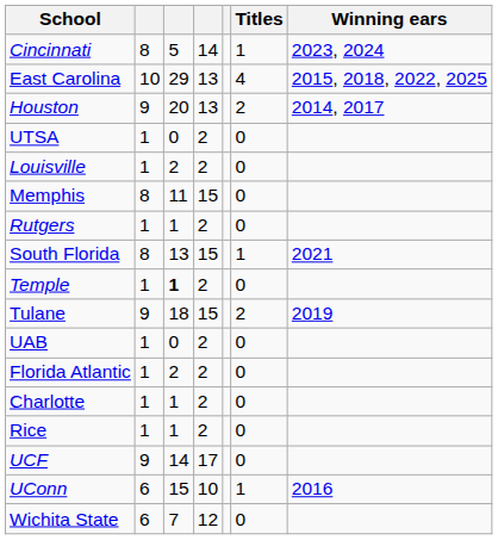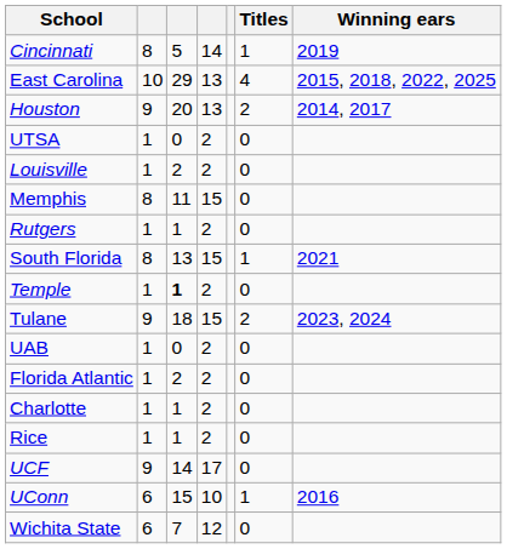 <table class="wikitable sortable">
 <tr>
 <th width=px>School</th>
 <th width=px></th>
 <th width=px></th>
 <th width=px></th>
 <th width=px></th>
 <th width=px>Titles</th>
 <th width=px>Winning ears</th>
 </tr>
 <tr>
 <td><em><a href='#'>Cincinnati</a></em></td>
 <td>8</td>
 <td>5</td>
 <td>14</td>
 <td></td>
 <td>1</td>
-<td><a href='#'>2023</a>, <a href='#'>2024</a></td>
+<td><a href='#'>2019</a></td>
 </tr>
 <tr>
 <td><a href='#'>East Carolina</a></td>
 <td>10</td>
 <td>29</td>
 <td>13</td>
 <td></td>
 <td>4</td>
 <td><a href='#'>2015</a>, <a href='#'>2018</a>, <a href='#'>2022</a>, <a href='#'>2025</a></td>
 </tr>
 <tr>
 <td><em><a href='#'>Houston</a></em></td>
 <td>9</td>
 <td>20</td>
 <td>13</td>
 <td></td>
 <td>2</td>
 <td><a href='#'>2014</a>, <a href='#'>2017</a></td>
 </tr>
 <tr>
 <td><a href='#'>UTSA</a></td>
 <td>1</td>
 <td>0</td>
 <td>2</td>
 <td></td>
 <td>0</td>
 <td></td>
 </tr>
 <tr>
 <td><em><a href='#'>Louisville</a></em></td>
 <td>1</td>
 <td>2</td>
 <td>2</td>
 <td></td>
 <td>0</td>
 <td></td>
 </tr>
 <tr>
 <td><a href='#'>Memphis</a></td>
 <td>8</td>
 <td>11</td>
 <td>15</td>
 <td></td>
 <td>0</td>
 <td></td>
 </tr>
 <tr>
 <td><em><a href='#'>Rutgers</a></em></td>
 <td>1</td>
 <td>1</td>
 <td>2</td>
 <td></td>
 <td>0</td>
 <td></td>
 </tr>
 <tr>
 <td><a href='#'>South Florida</a></td>
 <td>8</td>
 <td>13</td>
 <td>15</td>
 <td></td>
 <td>1</td>
 <td><a href='#'>2021</a></td>
 </tr>
 <tr>
 <td><em><a href='#'>Temple</a></em></td>
 <td>1</td>
 <td><strong>1</strong></td>
 <td>2</td>
 <td></td>
 <td>0</td>
 <td></td>
 </tr>
 <tr>
 <td><a href='#'>Tulane</a></td>
 <td>9</td>
 <td>18</td>
 <td>15</td>
 <td></td>
 <td>2</td>
-<td><a href='#'>2019</a></td>
+<td><a href='#'>2023</a>, <a href='#'>2024</a></td>
 </tr>
 <tr>
 <td><a href='#'>UAB</a></td>
 <td>1</td>
 <td>0</td>
 <td>2</td>
 <td></td>
 <td>0</td>
 <td></td>
 </tr>
 <tr>
 <td><a href='#'>Florida Atlantic</a></td>
 <td>1</td>
 <td>2</td>
 <td>2</td>
 <td></td>
 <td>0</td>
 <td></td>
 </tr>
 <tr>
 <td><a href='#'>Charlotte</a></td>
 <td>1</td>
 <td>1</td>
 <td>2</td>
 <td></td>
 <td>0</td>
 <td></td>
 </tr>
 <tr>
 <td><a href='#'>Rice</a></td>
 <td>1</td>
 <td>1</td>
 <td>2</td>
 <td></td>
 <td>0</td>
 <td></td>
 </tr>
 <tr>
 <td><em><a href='#'>UCF</a></em></td>
 <td>9</td>
 <td>14</td>
 <td>17</td>
 <td></td>
 <td>0</td>
 <td></td>
 </tr>
 <tr>
 <td><em><a href='#'>UConn</a></em></td>
 <td>6</td>
 <td>15</td>
 <td>10</td>
 <td></td>
 <td>1</td>
 <td><a href='#'>2016</a></td>
 </tr>
 <tr>
 <td><a href='#'>Wichita State</a></td>
 <td>6</td>
 <td>7</td>
 <td>12</td>
 <td></td>
 <td>0</td>
 <td></td>
 </tr>
 </table>
